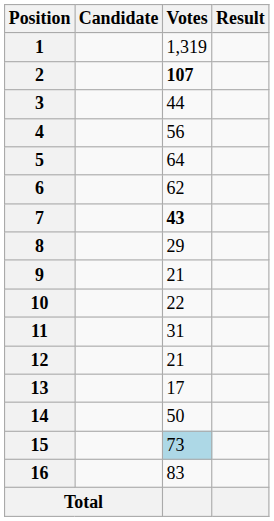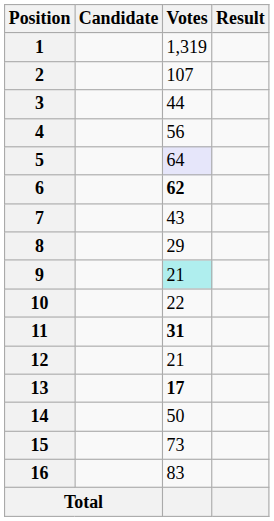 <table class="wikitable sortable col3right">
 <tr>
 <th scope="col">Position</th>
 <th scope="col">Candidate</th>
 <th scope="col">Votes</th>
 <th scope="col">Result</th>
 </tr>
 <tr>
 <th scope="row">1</th>
 <td></td>
 <td>1,319</td>
 <td></td>
 </tr>
 <tr>
 <th scope="row">2</th>
 <td></td>
-<td><strong>107</strong></td>
+<td>107</td>
 <td></td>
 </tr>
 <tr>
 <th scope="row">3</th>
 <td></td>
 <td>44</td>
 <td></td>
 </tr>
 <tr>
 <th scope="row">4</th>
 <td></td>
 <td>56</td>
 <td></td>
 </tr>
 <tr>
 <th scope="row">5</th>
 <td></td>
-<td>64</td>
+<td style="background: lavender;">64</td>
 <td></td>
 </tr>
 <tr>
 <th scope="row">6</th>
 <td></td>
-<td>62</td>
+<td><strong>62</strong></td>
 <td></td>
 </tr>
 <tr>
 <th scope="row">7</th>
 <td></td>
-<td><strong>43</strong></td>
+<td>43</td>
 <td></td>
 </tr>
 <tr>
 <th scope="row">8</th>
 <td></td>
 <td>29</td>
 <td></td>
 </tr>
 <tr>
 <th scope="row">9</th>
 <td></td>
-<td>21</td>
+<td style="background: paleturquoise;">21</td>
 <td></td>
 </tr>
 <tr>
 <th scope="row">10</th>
 <td></td>
 <td>22</td>
 <td></td>
 </tr>
 <tr>
 <th scope="row">11</th>
 <td></td>
-<td>31</td>
+<td><strong>31</strong></td>
 <td></td>
 </tr>
 <tr>
 <th scope="row">12</th>
 <td></td>
 <td>21</td>
 <td></td>
 </tr>
 <tr>
 <th scope="row">13</th>
 <td></td>
-<td>17</td>
+<td><strong>17</strong></td>
 <td></td>
 </tr>
 <tr>
 <th scope="row">14</th>
 <td></td>
 <td>50</td>
 <td></td>
 </tr>
 <tr>
 <th scope="row">15</th>
 <td></td>
-<td style="background: lightblue;">73</td>
+<td>73</td>
 <td></td>
 </tr>
 <tr>
 <th scope="row">16</th>
 <td></td>
 <td>83</td>
 <td></td>
 </tr>
 <tr class="sortbottom">
 <th scope="row" colspan="2">Total</th>
 <th></th>
 <th></th>
 </tr>
 </table>
